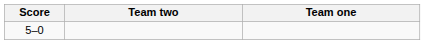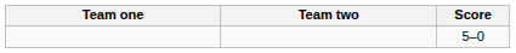 <table class="wikitable" style="text-align: center">
 <tr>
+<th width=250>Team one</th>
+<th width=250>Team two</th>
 <th width=80>Score</th>
-<th width=250>Team two</th>
-<th width=250>Team one</th>
 </tr>
 <tr>
-<td>5–0</td>
 <td></td>
 <td></td>
+<td>5–0</td>
 </tr>
 </table>
